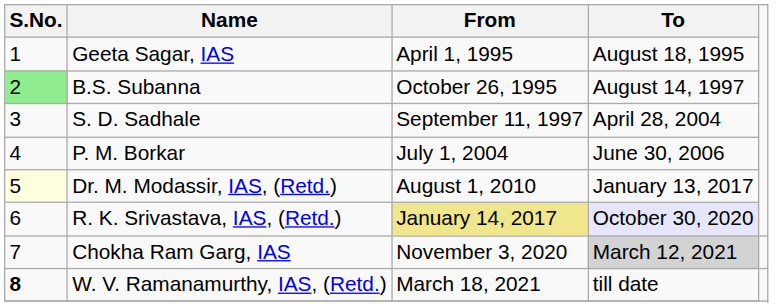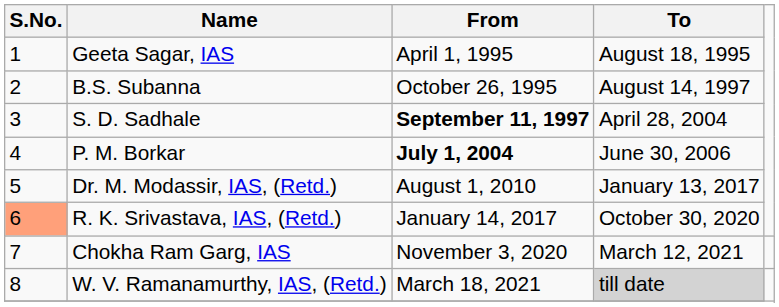 <table class="wikitable sortable plainrowheaders" style="font-size: 100%">
 <tr>
 <th scope="col">S.No.</th>
 <th scope="col">Name</th>
 <th scope="col">From</th>
 <th scope="col">To</th>
 </tr>
 <tr>
 <td>1</td>
 <td>Geeta Sagar, <a href='#'>IAS</a></td>
 <td>April 1, 1995</td>
 <td>August 18, 1995</td>
 </tr>
 <tr>
-<td style="background: lightgreen;">2</td>
+<td>2</td>
 <td>B.S. Subanna</td>
 <td>October 26, 1995</td>
 <td>August 14, 1997</td>
 </tr>
 <tr>
 <td>3</td>
 <td>S. D. Sadhale</td>
-<td>September 11, 1997</td>
+<td><strong>September 11, 1997</strong></td>
 <td>April 28, 2004</td>
 </tr>
 <tr>
 <td>4</td>
 <td>P. M. Borkar</td>
-<td>July 1, 2004</td>
+<td><strong>July 1, 2004</strong></td>
 <td>June 30, 2006</td>
 </tr>
 <tr>
-<td style="background: lightyellow;">5</td>
+<td>5</td>
 <td>Dr. M. Modassir, <a href='#'>IAS</a>, (<a href='#'>Retd.</a>)</td>
 <td>August 1, 2010</td>
 <td>January 13, 2017</td>
 </tr>
 <tr>
-<td>6</td>
+<td style="background: lightsalmon;">6</td>
 <td>R. K. Srivastava, <a href='#'>IAS</a>, (<a href='#'>Retd.</a>)</td>
-<td style="background: khaki;">January 14, 2017</td>
-<td style="background: lavender;">October 30, 2020</td>
+<td>January 14, 2017</td>
+<td>October 30, 2020</td>
 </tr>
 <tr>
 <td>7</td>
 <td>Chokha Ram Garg, <a href='#'>IAS</a></td>
 <td>November 3, 2020</td>
-<td style="background: lightgrey;">March 12, 2021</td>
+<td>March 12, 2021</td>
 <td></td>
 </tr>
 <tr>
-<td><strong>8</strong></td>
+<td>8</td>
 <td>W. V. Ramanamurthy, <a href='#'>IAS</a>, (<a href='#'>Retd.</a>)</td>
 <td>March 18, 2021</td>
-<td>till date</td>
+<td style="background: lightgrey;">till date</td>
 </tr>
 <tr>
 </tr>
 </table>
